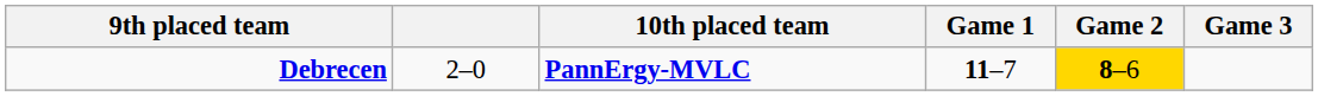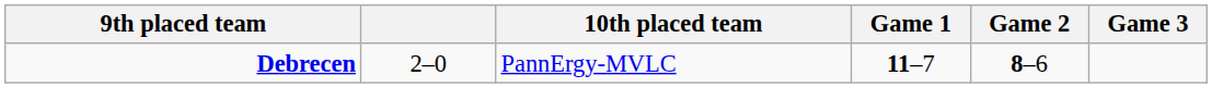 <table class=wikitable style="text-align:center">
 <tr>
 <th width=225>9th placed team</th>
 <th width=80></th>
 <th width=225>10th placed team</th>
 <th width=70>Game 1</th>
 <th width=70>Game 2</th>
 <th width=70>Game 3</th>
 </tr>
 <tr>
 <td align=right><strong><a href='#'>Debrecen</a></strong> </td>
 <td>2–0</td>
-<td align=left><strong> <a href='#'>PannErgy-MVLC</a></strong></td>
+<td align=left> <a href='#'>PannErgy-MVLC</a></td>
 <td><strong>11</strong>–7</td>
-<td style="background: gold;"><strong>8</strong>–6</td>
+<td><strong>8</strong>–6</td>
 </tr>
 </table>
